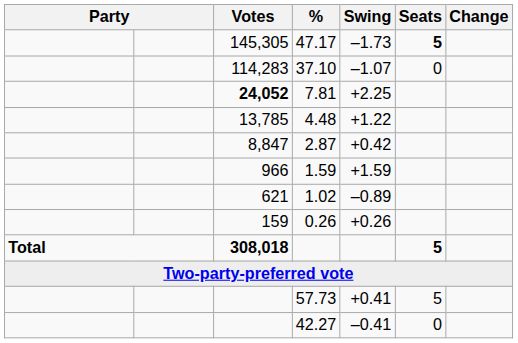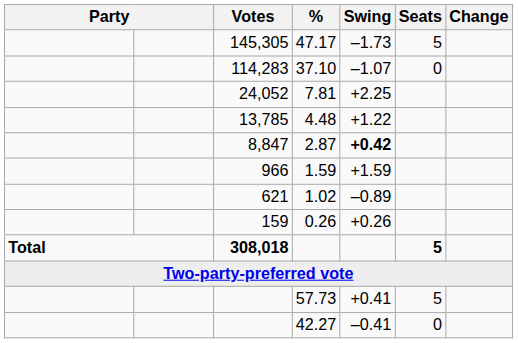 <table class="wikitable">
 <tr>
 <th style="width:200px" colspan=2><strong>Party</strong></th>
 <th style="width:70px; text-align:center;"><strong>Votes</strong></th>
 <th style="width:40px; text-align:center;"><strong>%</strong></th>
 <th style="width:40px; text-align:center;"><strong>Swing</strong></th>
 <th style="width:40px; text-align:center;"><strong>Seats</strong></th>
 <th style="width:40px; text-align:center;"><strong>Change</strong></th>
 </tr>
 <tr>
 <td> </td>
 <td></td>
 <td align=right>145,305</td>
 <td align=right>47.17</td>
 <td align=right>–1.73</td>
-<td align=right><strong>5</strong></td>
+<td align=right>5</td>
 <td align=right></td>
 </tr>
 <tr>
 <td> </td>
 <td></td>
 <td align=right>114,283</td>
 <td align=right>37.10</td>
 <td align=right>–1.07</td>
 <td align=right>0</td>
 <td align=right></td>
 </tr>
 <tr>
 <td> </td>
 <td></td>
-<td align=right><strong>24,052</strong></td>
+<td align=right>24,052</td>
 <td align=right>7.81</td>
 <td align=right>+2.25</td>
 <td align=right></td>
 <td align=right></td>
 </tr>
 <tr>
 <td> </td>
 <td></td>
 <td align=right>13,785</td>
 <td align=right>4.48</td>
 <td align=right>+1.22</td>
 <td align=right></td>
 <td align=right></td>
 </tr>
 <tr>
 <td> </td>
 <td></td>
 <td align=right>8,847</td>
 <td align=right>2.87</td>
-<td align=right>+0.42</td>
+<td align=right><strong>+0.42</strong></td>
 <td align=right></td>
 <td align=right></td>
 </tr>
 <tr>
 <td> </td>
 <td></td>
 <td align=right>966</td>
 <td align=right>1.59</td>
 <td align=right>+1.59</td>
 <td align=right></td>
 <td align=right></td>
 </tr>
 <tr>
 <td> </td>
 <td></td>
 <td align=right>621</td>
 <td align=right>1.02</td>
 <td align=right>–0.89</td>
 <td align=right></td>
 <td align=right></td>
 </tr>
 <tr>
 <td> </td>
 <td></td>
 <td align=right>159</td>
 <td align=right>0.26</td>
 <td align=right>+0.26</td>
 <td align=right></td>
 <td align=right></td>
 </tr>
 <tr>
 <td colspan="2" align="left"><strong>Total</strong></td>
 <td align=right><strong>308,018</strong></td>
 <td align=right></td>
 <td align=right></td>
 <td align=right><strong>5</strong></td>
 <td align=right></td>
 </tr>
 <tr>
 <td colspan="8" style="text-align:center; background:#eee;"><strong><a href='#'>Two-party-preferred vote</a></strong></td>
 </tr>
 <tr>
 <td> </td>
 <td></td>
 <td align=center></td>
 <td align=right>57.73</td>
 <td align=right>+0.41</td>
 <td align=right>5</td>
 <td align=right></td>
 </tr>
 <tr>
 <td> </td>
 <td></td>
 <td align=right> </td>
 <td align=right>42.27</td>
 <td align=right>–0.41</td>
 <td align=right>0</td>
 <td align=right></td>
 </tr>
 </table>
